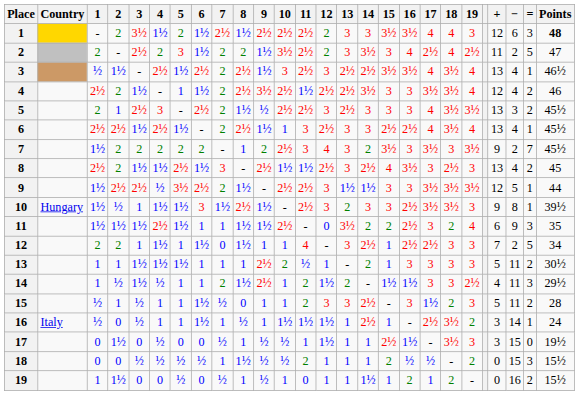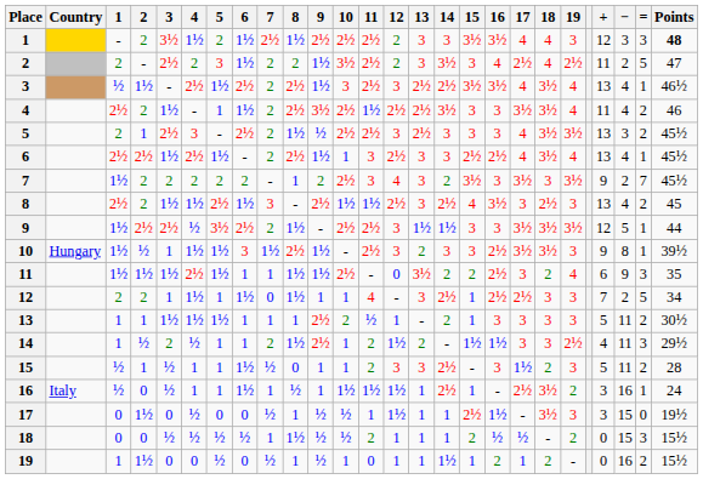 <table class="wikitable" style="text-align:center">
 <tr>
 <th>Place</th>
 <th>Country</th>
 <th>1</th>
 <th>2</th>
 <th>3</th>
 <th>4</th>
 <th>5</th>
 <th>6</th>
 <th>7</th>
 <th>8</th>
 <th>9</th>
 <th>10</th>
 <th>11</th>
 <th>12</th>
 <th>13</th>
 <th>14</th>
 <th>15</th>
 <th>16</th>
 <th>17</th>
 <th>18</th>
 <th>19</th>
 <th></th>
 <th>+</th>
 <th>−</th>
 <th>=</th>
 <th>Points</th>
 </tr>
 <tr>
 <th>1</th>
 <td align=left bgcolor="gold"></td>
 <td>-</td>
 <td style="color: green">2</td>
 <td style="color: red;">3½</td>
 <td style="color: blue;">1½</td>
 <td style="color: green">2</td>
 <td style="color: blue;">1½</td>
 <td style="color: red;">2½</td>
 <td style="color: blue;">1½</td>
 <td style="color: red;">2½</td>
 <td style="color: red;">2½</td>
 <td style="color: red;">2½</td>
 <td style="color: green">2</td>
 <td style="color: red;">3</td>
 <td style="color: red;">3</td>
 <td style="color: red;">3½</td>
 <td style="color: red;">3½</td>
 <td style="color: red;">4</td>
 <td style="color: red;">4</td>
 <td style="color: red;">3</td>
 <th></th>
 <td>12</td>
-<td>6</td>
+<td>3</td>
 <td>3</td>
 <td><strong>48</strong></td>
 </tr>
 <tr>
 <th>2</th>
 <td align=left bgcolor="silver"></td>
 <td style="color: green">2</td>
 <td>-</td>
 <td style="color: red;">2½</td>
 <td style="color: green">2</td>
 <td style="color: red;">3</td>
 <td style="color: blue;">1½</td>
 <td style="color: green">2</td>
 <td style="color: green">2</td>
 <td style="color: blue;">1½</td>
 <td style="color: red;">3½</td>
 <td style="color: red;">2½</td>
 <td style="color: green">2</td>
 <td style="color: red;">3</td>
 <td style="color: red;">3½</td>
 <td style="color: red;">3</td>
 <td style="color: red;">4</td>
 <td style="color: red;">2½</td>
 <td style="color: red;">4</td>
 <td style="color: red;">2½</td>
 <th></th>
 <td>11</td>
 <td>2</td>
 <td>5</td>
 <td>47</td>
 </tr>
 <tr>
 <th>3</th>
 <td align=left bgcolor="CC9966"></td>
 <td style="color: blue;">½</td>
 <td style="color: blue;">1½</td>
 <td>-</td>
 <td style="color: red;">2½</td>
 <td style="color: blue;">1½</td>
 <td style="color: red;">2½</td>
 <td style="color: green">2</td>
 <td style="color: red;">2½</td>
 <td style="color: blue;">1½</td>
 <td style="color: red;">3</td>
 <td style="color: red;">2½</td>
 <td style="color: red;">3</td>
 <td style="color: red;">2½</td>
 <td style="color: red;">2½</td>
 <td style="color: red;">3½</td>
 <td style="color: red;">3½</td>
 <td style="color: red;">4</td>
 <td style="color: red;">3½</td>
 <td style="color: red;">4</td>
 <th></th>
 <td>13</td>
 <td>4</td>
 <td>1</td>
 <td>46½</td>
 </tr>
 <tr>
 <th>4</th>
 <td align=left></td>
 <td style="color: red;">2½</td>
 <td style="color: green">2</td>
 <td style="color: blue;">1½</td>
 <td>-</td>
 <td style="color: blue;">1</td>
 <td style="color: blue;">1½</td>
 <td style="color: green">2</td>
 <td style="color: red;">2½</td>
 <td style="color: red;">3½</td>
 <td style="color: red;">2½</td>
 <td style="color: blue;">1½</td>
 <td style="color: red;">2½</td>
 <td style="color: red;">2½</td>
 <td style="color: red;">3½</td>
 <td style="color: red;">3</td>
 <td style="color: red;">3</td>
 <td style="color: red;">3½</td>
 <td style="color: red;">3½</td>
 <td style="color: red;">4</td>
 <th></th>
-<td>12</td>
+<td>11</td>
 <td>4</td>
 <td>2</td>
 <td>46</td>
 </tr>
 <tr>
 <th>5</th>
 <td align=left></td>
 <td style="color: green">2</td>
 <td style="color: blue;">1</td>
 <td style="color: red;">2½</td>
 <td style="color: red;">3</td>
 <td>-</td>
 <td style="color: red;">2½</td>
 <td style="color: green">2</td>
 <td style="color: blue;">1½</td>
 <td style="color: blue;">½</td>
 <td style="color: red;">2½</td>
 <td style="color: red;">2½</td>
 <td style="color: red;">3</td>
 <td style="color: red;">2½</td>
 <td style="color: red;">3</td>
 <td style="color: red;">3</td>
 <td style="color: red;">3</td>
 <td style="color: red;">4</td>
 <td style="color: red;">3½</td>
 <td style="color: red;">3½</td>
 <th></th>
 <td>13</td>
 <td>3</td>
 <td>2</td>
 <td>45½</td>
 </tr>
 <tr>
 <th>6</th>
 <td align=left></td>
 <td style="color: red;">2½</td>
 <td style="color: red;">2½</td>
 <td style="color: blue;">1½</td>
 <td style="color: red;">2½</td>
 <td style="color: blue;">1½</td>
 <td>-</td>
 <td style="color: green">2</td>
 <td style="color: red;">2½</td>
 <td style="color: blue;">1½</td>
 <td style="color: blue;">1</td>
 <td style="color: red;">3</td>
 <td style="color: red;">2½</td>
 <td style="color: red;">3</td>
 <td style="color: red;">3</td>
 <td style="color: red;">2½</td>
 <td style="color: red;">2½</td>
 <td style="color: red;">4</td>
 <td style="color: red;">3½</td>
 <td style="color: red;">4</td>
 <th></th>
 <td>13</td>
 <td>4</td>
 <td>1</td>
 <td>45½</td>
 </tr>
 <tr>
 <th>7</th>
 <td align=left></td>
 <td style="color: blue;">1½</td>
 <td style="color: green">2</td>
 <td style="color: green">2</td>
 <td style="color: green">2</td>
 <td style="color: green">2</td>
 <td style="color: green">2</td>
 <td>-</td>
 <td style="color: blue;">1</td>
 <td style="color: green">2</td>
 <td style="color: red;">2½</td>
 <td style="color: red;">3</td>
 <td style="color: red;">4</td>
 <td style="color: red;">3</td>
 <td style="color: green">2</td>
 <td style="color: red;">3½</td>
 <td style="color: red;">3</td>
 <td style="color: red;">3½</td>
 <td style="color: red;">3</td>
 <td style="color: red;">3½</td>
 <th></th>
 <td>9</td>
 <td>2</td>
 <td>7</td>
 <td>45½</td>
 </tr>
 <tr>
 <th>8</th>
 <td align=left></td>
 <td style="color: red;">2½</td>
 <td style="color: green">2</td>
 <td style="color: blue;">1½</td>
 <td style="color: blue;">1½</td>
 <td style="color: red;">2½</td>
 <td style="color: blue;">1½</td>
 <td style="color: red;">3</td>
 <td>-</td>
 <td style="color: red;">2½</td>
 <td style="color: blue;">1½</td>
 <td style="color: blue;">1½</td>
 <td style="color: red;">2½</td>
 <td style="color: red;">3</td>
 <td style="color: red;">2½</td>
 <td style="color: red;">4</td>
 <td style="color: red;">3½</td>
 <td style="color: red;">3</td>
 <td style="color: red;">2½</td>
 <td style="color: red;">3</td>
 <th></th>
 <td>13</td>
 <td>4</td>
 <td>2</td>
 <td>45</td>
 </tr>
 <tr>
 <th>9</th>
 <td align=left></td>
 <td style="color: blue;">1½</td>
 <td style="color: red;">2½</td>
 <td style="color: red;">2½</td>
 <td style="color: blue;">½</td>
 <td style="color: red;">3½</td>
 <td style="color: red;">2½</td>
 <td style="color: green">2</td>
 <td style="color: blue;">1½</td>
 <td>-</td>
 <td style="color: red;">2½</td>
 <td style="color: red;">2½</td>
 <td style="color: red;">3</td>
 <td style="color: blue;">1½</td>
 <td style="color: blue;">1½</td>
 <td style="color: red;">3</td>
 <td style="color: red;">3</td>
 <td style="color: red;">3½</td>
 <td style="color: red;">3½</td>
 <td style="color: red;">3½</td>
 <th></th>
 <td>12</td>
 <td>5</td>
 <td>1</td>
 <td>44</td>
 </tr>
 <tr>
 <th>10</th>
 <td align=left> <a href='#'>Hungary</a></td>
 <td style="color: blue;">1½</td>
 <td style="color: blue;">½</td>
 <td style="color: blue;">1</td>
 <td style="color: blue;">1½</td>
 <td style="color: blue;">1½</td>
 <td style="color: red;">3</td>
 <td style="color: blue;">1½</td>
 <td style="color: red;">2½</td>
 <td style="color: blue;">1½</td>
 <td>-</td>
 <td style="color: red;">2½</td>
 <td style="color: red;">3</td>
 <td style="color: green">2</td>
 <td style="color: red;">3</td>
 <td style="color: red;">3</td>
 <td style="color: red;">2½</td>
 <td style="color: red;">3½</td>
 <td style="color: red;">3½</td>
 <td style="color: red;">3</td>
 <th></th>
 <td>9</td>
 <td>8</td>
 <td>1</td>
 <td>39½</td>
 </tr>
 <tr>
 <th>11</th>
 <td align=left></td>
 <td style="color: blue;">1½</td>
 <td style="color: blue;">1½</td>
 <td style="color: blue;">1½</td>
 <td style="color: red;">2½</td>
 <td style="color: blue;">1½</td>
 <td style="color: blue;">1</td>
 <td style="color: blue;">1</td>
 <td style="color: blue;">1½</td>
 <td style="color: blue;">1½</td>
 <td style="color: red;">2½</td>
 <td>-</td>
 <td style="color: blue;">0</td>
 <td style="color: red;">3½</td>
 <td style="color: green">2</td>
 <td style="color: green">2</td>
 <td style="color: red;">2½</td>
 <td style="color: red;">3</td>
 <td style="color: green">2</td>
 <td style="color: red;">4</td>
 <th></th>
 <td>6</td>
 <td>9</td>
 <td>3</td>
 <td>35</td>
 </tr>
 <tr>
 <th>12</th>
 <td align=left></td>
 <td style="color: green">2</td>
 <td style="color: green">2</td>
 <td style="color: blue;">1</td>
 <td style="color: blue;">1½</td>
 <td style="color: blue;">1</td>
 <td style="color: blue;">1½</td>
 <td style="color: blue;">0</td>
 <td style="color: blue;">1½</td>
 <td style="color: blue;">1</td>
 <td style="color: blue;">1</td>
 <td style="color: red;">4</td>
 <td>-</td>
 <td style="color: red;">3</td>
 <td style="color: red;">2½</td>
 <td style="color: blue;">1</td>
 <td style="color: red;">2½</td>
 <td style="color: red;">2½</td>
 <td style="color: red;">3</td>
 <td style="color: red;">3</td>
 <th></th>
 <td>7</td>
 <td>2</td>
 <td>5</td>
 <td>34</td>
 </tr>
 <tr>
 <th>13</th>
 <td align=left></td>
 <td style="color: blue;">1</td>
 <td style="color: blue;">1</td>
 <td style="color: blue;">1½</td>
 <td style="color: blue;">1½</td>
 <td style="color: blue;">1½</td>
 <td style="color: blue;">1</td>
 <td style="color: blue;">1</td>
 <td style="color: blue;">1</td>
 <td style="color: red;">2½</td>
 <td style="color: green">2</td>
 <td style="color: blue;">½</td>
 <td style="color: blue;">1</td>
 <td>-</td>
 <td style="color: green">2</td>
 <td style="color: blue;">1</td>
 <td style="color: red;">3</td>
 <td style="color: red;">3</td>
 <td style="color: red;">3</td>
 <td style="color: red;">3</td>
 <th></th>
 <td>5</td>
 <td>11</td>
 <td>2</td>
 <td>30½</td>
 </tr>
 <tr>
 <th>14</th>
 <td align=left></td>
 <td style="color: blue;">1</td>
 <td style="color: blue;">½</td>
-<td style="color: blue;">1½</td>
+<td style="color: green">2</td>
 <td style="color: blue;">½</td>
 <td style="color: blue;">1</td>
 <td style="color: blue;">1</td>
 <td style="color: green">2</td>
 <td style="color: blue;">1½</td>
 <td style="color: red;">2½</td>
 <td style="color: blue;">1</td>
 <td style="color: green">2</td>
 <td style="color: blue;">1½</td>
 <td style="color: green">2</td>
 <td>-</td>
 <td style="color: blue;">1½</td>
 <td style="color: blue;">1½</td>
 <td style="color: red;">3</td>
 <td style="color: red;">3</td>
 <td style="color: red;">2½</td>
 <th></th>
 <td>4</td>
 <td>11</td>
 <td>3</td>
 <td>29½</td>
 </tr>
 <tr>
 <th>15</th>
 <td align=left></td>
 <td style="color: blue;">½</td>
 <td style="color: blue;">1</td>
 <td style="color: blue;">½</td>
 <td style="color: blue;">1</td>
 <td style="color: blue;">1</td>
 <td style="color: blue;">1½</td>
 <td style="color: blue;">½</td>
 <td style="color: blue;">0</td>
 <td style="color: blue;">1</td>
 <td style="color: blue;">1</td>
 <td style="color: green">2</td>
 <td style="color: red;">3</td>
 <td style="color: red;">3</td>
 <td style="color: red;">2½</td>
 <td>-</td>
 <td style="color: red;">3</td>
 <td style="color: blue;">1½</td>
 <td style="color: green">2</td>
 <td style="color: red;">3</td>
 <th></th>
 <td>5</td>
 <td>11</td>
 <td>2</td>
 <td>28</td>
 </tr>
 <tr>
 <th>16</th>
 <td align=left> <a href='#'>Italy</a></td>
 <td style="color: blue;">½</td>
 <td style="color: blue;">0</td>
 <td style="color: blue;">½</td>
 <td style="color: blue;">1</td>
 <td style="color: blue;">1</td>
 <td style="color: blue;">1½</td>
 <td style="color: blue;">1</td>
 <td style="color: blue;">½</td>
 <td style="color: blue;">1</td>
 <td style="color: blue;">1½</td>
 <td style="color: blue;">1½</td>
 <td style="color: blue;">1½</td>
 <td style="color: blue;">1</td>
 <td style="color: red;">2½</td>
 <td style="color: blue;">1</td>
 <td>-</td>
 <td style="color: red;">2½</td>
 <td style="color: red;">3½</td>
 <td style="color: green">2</td>
 <th></th>
 <td>3</td>
-<td>14</td>
+<td>16</td>
 <td>1</td>
 <td>24</td>
 </tr>
 <tr>
 <th>17</th>
 <td align=left></td>
 <td style="color: blue;">0</td>
 <td style="color: blue;">1½</td>
 <td style="color: blue;">0</td>
 <td style="color: blue;">½</td>
 <td style="color: blue;">0</td>
 <td style="color: blue;">0</td>
 <td style="color: blue;">½</td>
 <td style="color: blue;">1</td>
 <td style="color: blue;">½</td>
 <td style="color: blue;">½</td>
 <td style="color: blue;">1</td>
 <td style="color: blue;">1½</td>
 <td style="color: blue;">1</td>
 <td style="color: blue;">1</td>
 <td style="color: red;">2½</td>
 <td style="color: blue;">1½</td>
 <td>-</td>
 <td style="color: red;">3½</td>
 <td style="color: red;">3</td>
 <th></th>
 <td>3</td>
 <td>15</td>
 <td>0</td>
 <td>19½</td>
 </tr>
 <tr>
 <th>18</th>
 <td align=left></td>
 <td style="color: blue;">0</td>
 <td style="color: blue;">0</td>
 <td style="color: blue;">½</td>
 <td style="color: blue;">½</td>
 <td style="color: blue;">½</td>
 <td style="color: blue;">½</td>
 <td style="color: blue;">1</td>
 <td style="color: blue;">1½</td>
 <td style="color: blue;">½</td>
 <td style="color: blue;">½</td>
 <td style="color: green">2</td>
 <td style="color: blue;">1</td>
 <td style="color: blue;">1</td>
 <td style="color: blue;">1</td>
 <td style="color: green">2</td>
 <td style="color: blue;">½</td>
 <td style="color: blue;">½</td>
 <td>-</td>
 <td style="color: green">2</td>
 <th></th>
 <td>0</td>
 <td>15</td>
 <td>3</td>
 <td>15½</td>
 </tr>
 <tr>
 <th>19</th>
 <td align=left></td>
 <td style="color: blue;">1</td>
 <td style="color: blue;">1½</td>
 <td style="color: blue;">0</td>
 <td style="color: blue;">0</td>
 <td style="color: blue;">½</td>
 <td style="color: blue;">0</td>
 <td style="color: blue;">½</td>
 <td style="color: blue;">1</td>
 <td style="color: blue;">½</td>
 <td style="color: blue;">1</td>
 <td style="color: blue;">0</td>
 <td style="color: blue;">1</td>
 <td style="color: blue;">1</td>
 <td style="color: blue;">1½</td>
 <td style="color: blue;">1</td>
 <td style="color: green">2</td>
 <td style="color: blue;">1</td>
 <td style="color: green">2</td>
 <td>-</td>
 <th></th>
 <td>0</td>
 <td>16</td>
 <td>2</td>
 <td>15½</td>
 </tr>
 </table>
